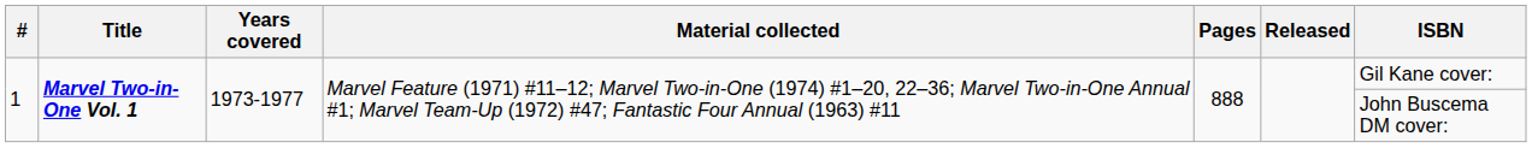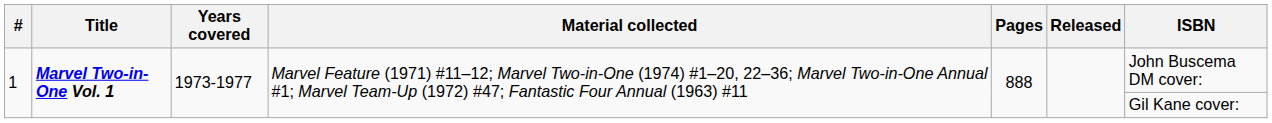 <table class="wikitable sortable" width=99%>
 <tr>
 <th class="unsortable" width=20px>#</th>
 <th>Title</th>
 <th>Years covered</th>
 <th class="unsortable">Material collected</th>
 <th>Pages</th>
 <th>Released</th>
 <th class="unsortable">ISBN</th>
 </tr>
 <tr>
 <td rowspan=2>1</td>
 <td rowspan=2><strong><em><a href='#'>Marvel Two-in-One</a> Vol. 1</em></strong></td>
 <td rowspan=2>1973-1977</td>
 <td rowspan=2><em>Marvel Feature</em> (1971) #11–12; <em>Marvel Two-in-One</em> (1974) #1–20, 22–36; <em>Marvel Two-in-One Annual</em> #1; <em>Marvel Team-Up</em> (1972) #47; <em>Fantastic Four Annual</em> (1963) #11</td>
 <td style="text-align: center;" rowspan=2>888</td>
 <td rowspan=2></td>
+<td>John Buscema DM cover: </td>
+</tr>
+<tr>
 <td>Gil Kane cover: </td>
 </tr>
-<tr>
-<td>John Buscema DM cover: </td>
-</tr>
 </table>
